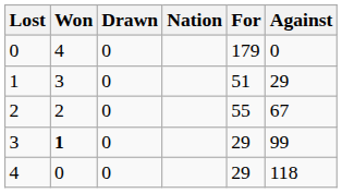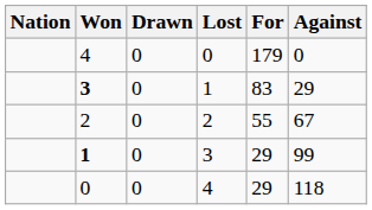 <table class="wikitable">
 <tr>
-<th>Lost</th>
+<th>Nation</th>
 <th>Won</th>
 <th>Drawn</th>
-<th>Nation</th>
+<th>Lost</th>
 <th>For</th>
 <th>Against</th>
 </tr>
 <tr>
-<td>0</td>
+<td></td>
 <td>4</td>
 <td>0</td>
-<td></td>
+<td>0</td>
 <td>179</td>
 <td>0</td>
 </tr>
 <tr>
+<td></td>
+<td><strong>3</strong></td>
+<td>0</td>
 <td>1</td>
-<td>3</td>
-<td>0</td>
-<td></td>
-<td>51</td>
+<td>83</td>
 <td>29</td>
 </tr>
 <tr>
-<td>2</td>
+<td></td>
 <td>2</td>
 <td>0</td>
-<td></td>
+<td>2</td>
 <td>55</td>
 <td>67</td>
 </tr>
 <tr>
-<td>3</td>
+<td></td>
 <td><strong>1</strong></td>
 <td>0</td>
-<td></td>
+<td>3</td>
 <td>29</td>
 <td>99</td>
 </tr>
 <tr>
-<td>4</td>
+<td></td>
 <td>0</td>
 <td>0</td>
-<td></td>
+<td>4</td>
 <td>29</td>
 <td>118</td>
 </tr>
 </table>
